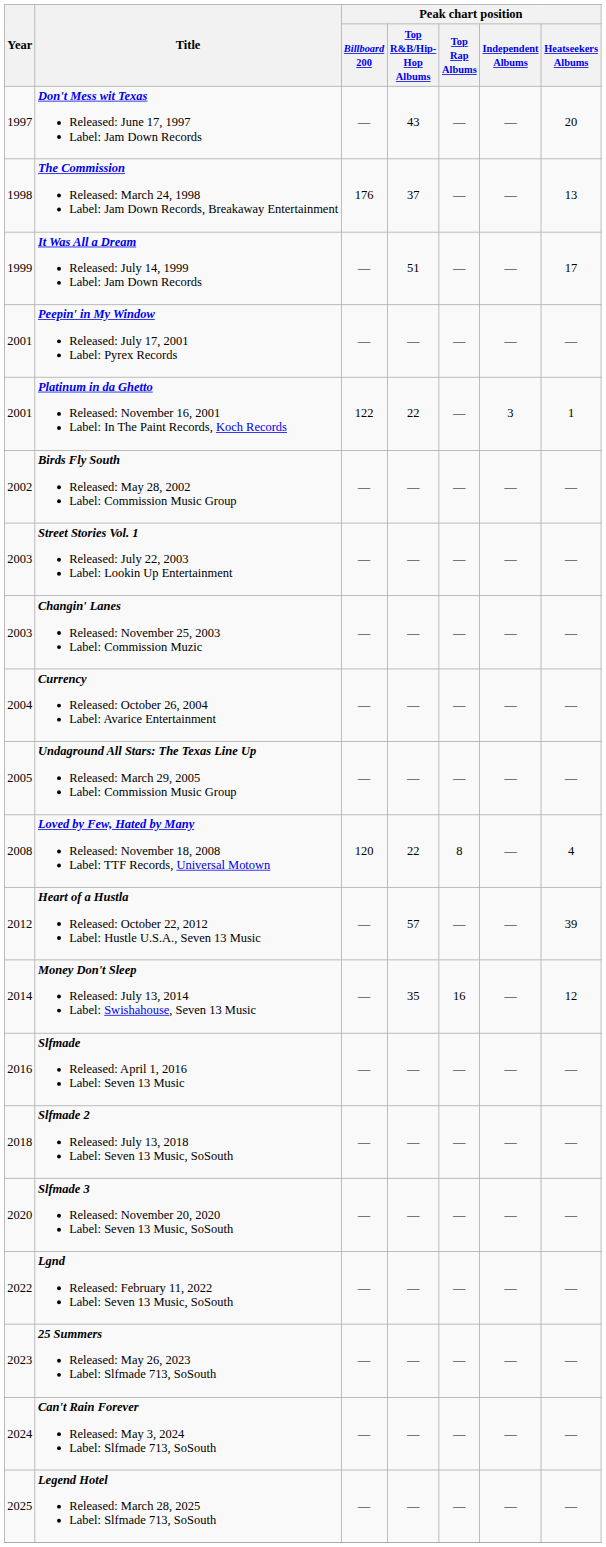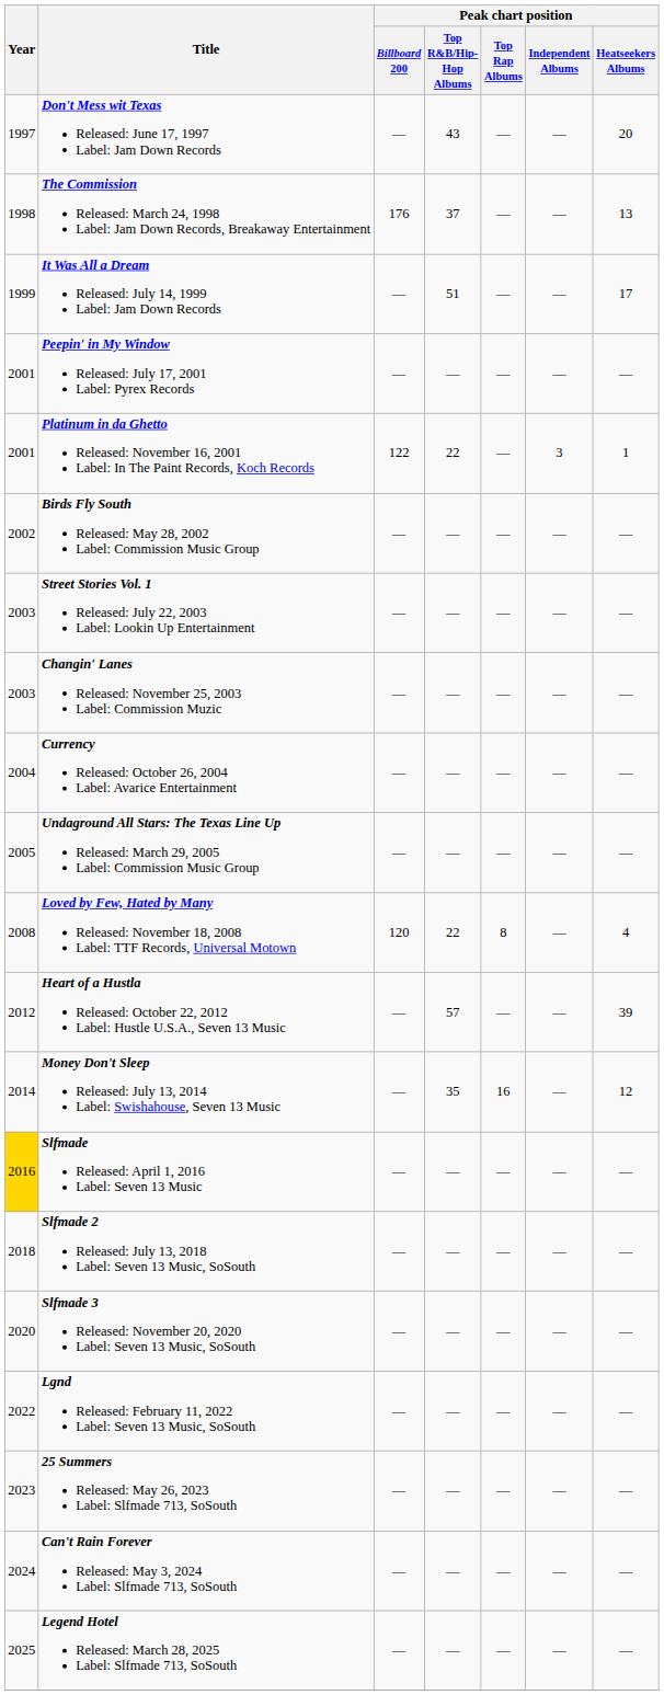 <table class="wikitable">
 <tr>
 <th rowspan="2">Year</th>
 <th rowspan="2">Title</th>
 <th colspan="5">Peak chart position</th>
 </tr>
 <tr>
 <th width="40"><small><a href='#'><em>Billboard</em> 200</a></small></th>
 <th width="40"><small><a href='#'>Top R&B/Hip-Hop Albums</a></small></th>
 <th width="40"><small><a href='#'>Top Rap Albums</a></small></th>
 <th width="40"><small><a href='#'>Independent Albums</a></small></th>
 <th width="40"><small><a href='#'>Heatseekers Albums</a></small></th>
 </tr>
 <tr>
 <td>1997</td>
 <td><strong><em><a href='#'>Don't Mess wit Texas</a></em></strong><br><ul><li>Released: June 17, 1997</li><li>Label: Jam Down Records</li></ul></td>
 <td align="center">—</td>
 <td align="center">43</td>
 <td align="center">—</td>
 <td align="center">—</td>
 <td align="center">20</td>
 </tr>
 <tr>
 <td>1998</td>
 <td><strong><em><a href='#'>The Commission</a></em></strong><br><ul><li>Released: March 24, 1998</li><li>Label: Jam Down Records, Breakaway Entertainment</li></ul></td>
 <td align="center">176</td>
 <td align="center">37</td>
 <td align="center">—</td>
 <td align="center">—</td>
 <td align="center">13</td>
 </tr>
 <tr>
 <td>1999</td>
 <td><strong><em><a href='#'>It Was All a Dream</a></em></strong><br><ul><li>Released: July 14, 1999</li><li>Label: Jam Down Records</li></ul></td>
 <td align="center">—</td>
 <td align="center">51</td>
 <td align="center">—</td>
 <td align="center">—</td>
 <td align="center">17</td>
 </tr>
 <tr>
 <td>2001</td>
 <td><strong><em><a href='#'>Peepin' in My Window</a></em></strong><br><ul><li>Released: July 17, 2001</li><li>Label: Pyrex Records</li></ul></td>
 <td align="center">—</td>
 <td align="center">—</td>
 <td align="center">—</td>
 <td align="center">—</td>
 <td align="center">—</td>
 </tr>
 <tr>
 <td>2001</td>
 <td><strong><em><a href='#'>Platinum in da Ghetto</a></em></strong><br><ul><li>Released: November 16, 2001</li><li>Label: In The Paint Records, <a href='#'>Koch Records</a></li></ul></td>
 <td align="center">122</td>
 <td align="center">22</td>
 <td align="center">—</td>
 <td align="center">3</td>
 <td align="center">1</td>
 </tr>
 <tr>
 <td>2002</td>
 <td><strong><em>Birds Fly South</em></strong><br><ul><li>Released: May 28, 2002</li><li>Label: Commission Music Group</li></ul></td>
 <td align="center">—</td>
 <td align="center">—</td>
 <td align="center">—</td>
 <td align="center">—</td>
 <td align="center">—</td>
 </tr>
 <tr>
 <td>2003</td>
 <td><strong><em>Street Stories Vol. 1</em></strong><br><ul><li>Released: July 22, 2003</li><li>Label: Lookin Up Entertainment</li></ul></td>
 <td align="center">—</td>
 <td align="center">—</td>
 <td align="center">—</td>
 <td align="center">—</td>
 <td align="center">—</td>
 </tr>
 <tr>
 <td>2003</td>
 <td><strong><em>Changin' Lanes</em></strong><br><ul><li>Released: November 25, 2003</li><li>Label: Commission Muzic</li></ul></td>
 <td align="center">—</td>
 <td align="center">—</td>
 <td align="center">—</td>
 <td align="center">—</td>
 <td align="center">—</td>
 </tr>
 <tr>
 <td>2004</td>
 <td><strong><em>Currency</em></strong><br><ul><li>Released: October 26, 2004</li><li>Label: Avarice Entertainment</li></ul></td>
 <td align="center">—</td>
 <td align="center">—</td>
 <td align="center">—</td>
 <td align="center">—</td>
 <td align="center">—</td>
 </tr>
 <tr>
 <td>2005</td>
 <td><strong><em>Undaground All Stars: The Texas Line Up</em></strong><br><ul><li>Released: March 29, 2005</li><li>Label: Commission Music Group</li></ul></td>
 <td align="center">—</td>
 <td align="center">—</td>
 <td align="center">—</td>
 <td align="center">—</td>
 <td align="center">—</td>
 </tr>
 <tr>
 <td>2008</td>
 <td><strong><em><a href='#'>Loved by Few, Hated by Many</a></em></strong><br><ul><li>Released: November 18, 2008</li><li>Label: TTF Records, <a href='#'>Universal Motown</a></li></ul></td>
 <td align="center">120</td>
 <td align="center">22</td>
 <td align="center">8</td>
 <td align="center">—</td>
 <td align="center">4</td>
 </tr>
 <tr>
 <td>2012</td>
 <td><strong><em>Heart of a Hustla </em></strong><br><ul><li>Released: October 22, 2012</li><li>Label: Hustle U.S.A., Seven 13 Music</li></ul></td>
 <td align="center">—</td>
 <td align="center">57</td>
 <td align="center">—</td>
 <td align="center">—</td>
 <td align="center">39</td>
 </tr>
 <tr>
 <td>2014</td>
 <td><strong><em>Money Don't Sleep</em></strong><br><ul><li>Released: July 13, 2014</li><li>Label: <a href='#'>Swishahouse</a>, Seven 13 Music</li></ul></td>
 <td align="center">—</td>
 <td align="center">35</td>
 <td align="center">16</td>
 <td align="center">—</td>
 <td align="center">12</td>
 </tr>
 <tr>
-<td>2016</td>
+<td style="background: gold;">2016</td>
 <td><strong><em>Slfmade</em></strong><br><ul><li>Released: April 1, 2016</li><li>Label: Seven 13 Music</li></ul></td>
 <td align="center">—</td>
 <td align="center">—</td>
 <td align="center">—</td>
 <td align="center">—</td>
 <td align="center">—</td>
 </tr>
 <tr>
 <td>2018</td>
 <td><strong><em>Slfmade 2</em></strong><br><ul><li>Released: July 13, 2018</li><li>Label: Seven 13 Music, SoSouth</li></ul></td>
 <td align="center">—</td>
 <td align="center">—</td>
 <td align="center">—</td>
 <td align="center">—</td>
 <td align="center">—</td>
 </tr>
 <tr>
 <td>2020</td>
 <td><strong><em>Slfmade 3</em></strong><br><ul><li>Released: November 20, 2020</li><li>Label: Seven 13 Music, SoSouth</li></ul></td>
 <td align="center">—</td>
 <td align="center">—</td>
 <td align="center">—</td>
 <td align="center">—</td>
 <td align="center">—</td>
 </tr>
 <tr>
 <td>2022</td>
 <td><strong><em>Lgnd</em></strong><br><ul><li>Released: February 11, 2022</li><li>Label: Seven 13 Music, SoSouth</li></ul></td>
 <td align="center">—</td>
 <td align="center">—</td>
 <td align="center">—</td>
 <td align="center">—</td>
 <td align="center">—</td>
 </tr>
 <tr>
 <td>2023</td>
 <td><strong><em>25 Summers</em></strong><br><ul><li>Released: May 26, 2023</li><li>Label: Slfmade 713, SoSouth</li></ul></td>
 <td align="center">—</td>
 <td align="center">—</td>
 <td align="center">—</td>
 <td align="center">—</td>
 <td align="center">—</td>
 </tr>
 <tr>
 <td>2024</td>
 <td><strong><em>Can't Rain Forever</em></strong><br><ul><li>Released: May 3, 2024</li><li>Label: Slfmade 713, SoSouth</li></ul></td>
 <td align="center">—</td>
 <td align="center">—</td>
 <td align="center">—</td>
 <td align="center">—</td>
 <td align="center">—</td>
 </tr>
 <tr>
 <td>2025</td>
 <td><strong><em>Legend Hotel</em></strong><br><ul><li>Released: March 28, 2025</li><li>Label: Slfmade 713, SoSouth</li></ul></td>
 <td align="center">—</td>
 <td align="center">—</td>
 <td align="center">—</td>
 <td align="center">—</td>
 <td align="center">—</td>
 </tr>
 <tr>
 </tr>
 </table>
